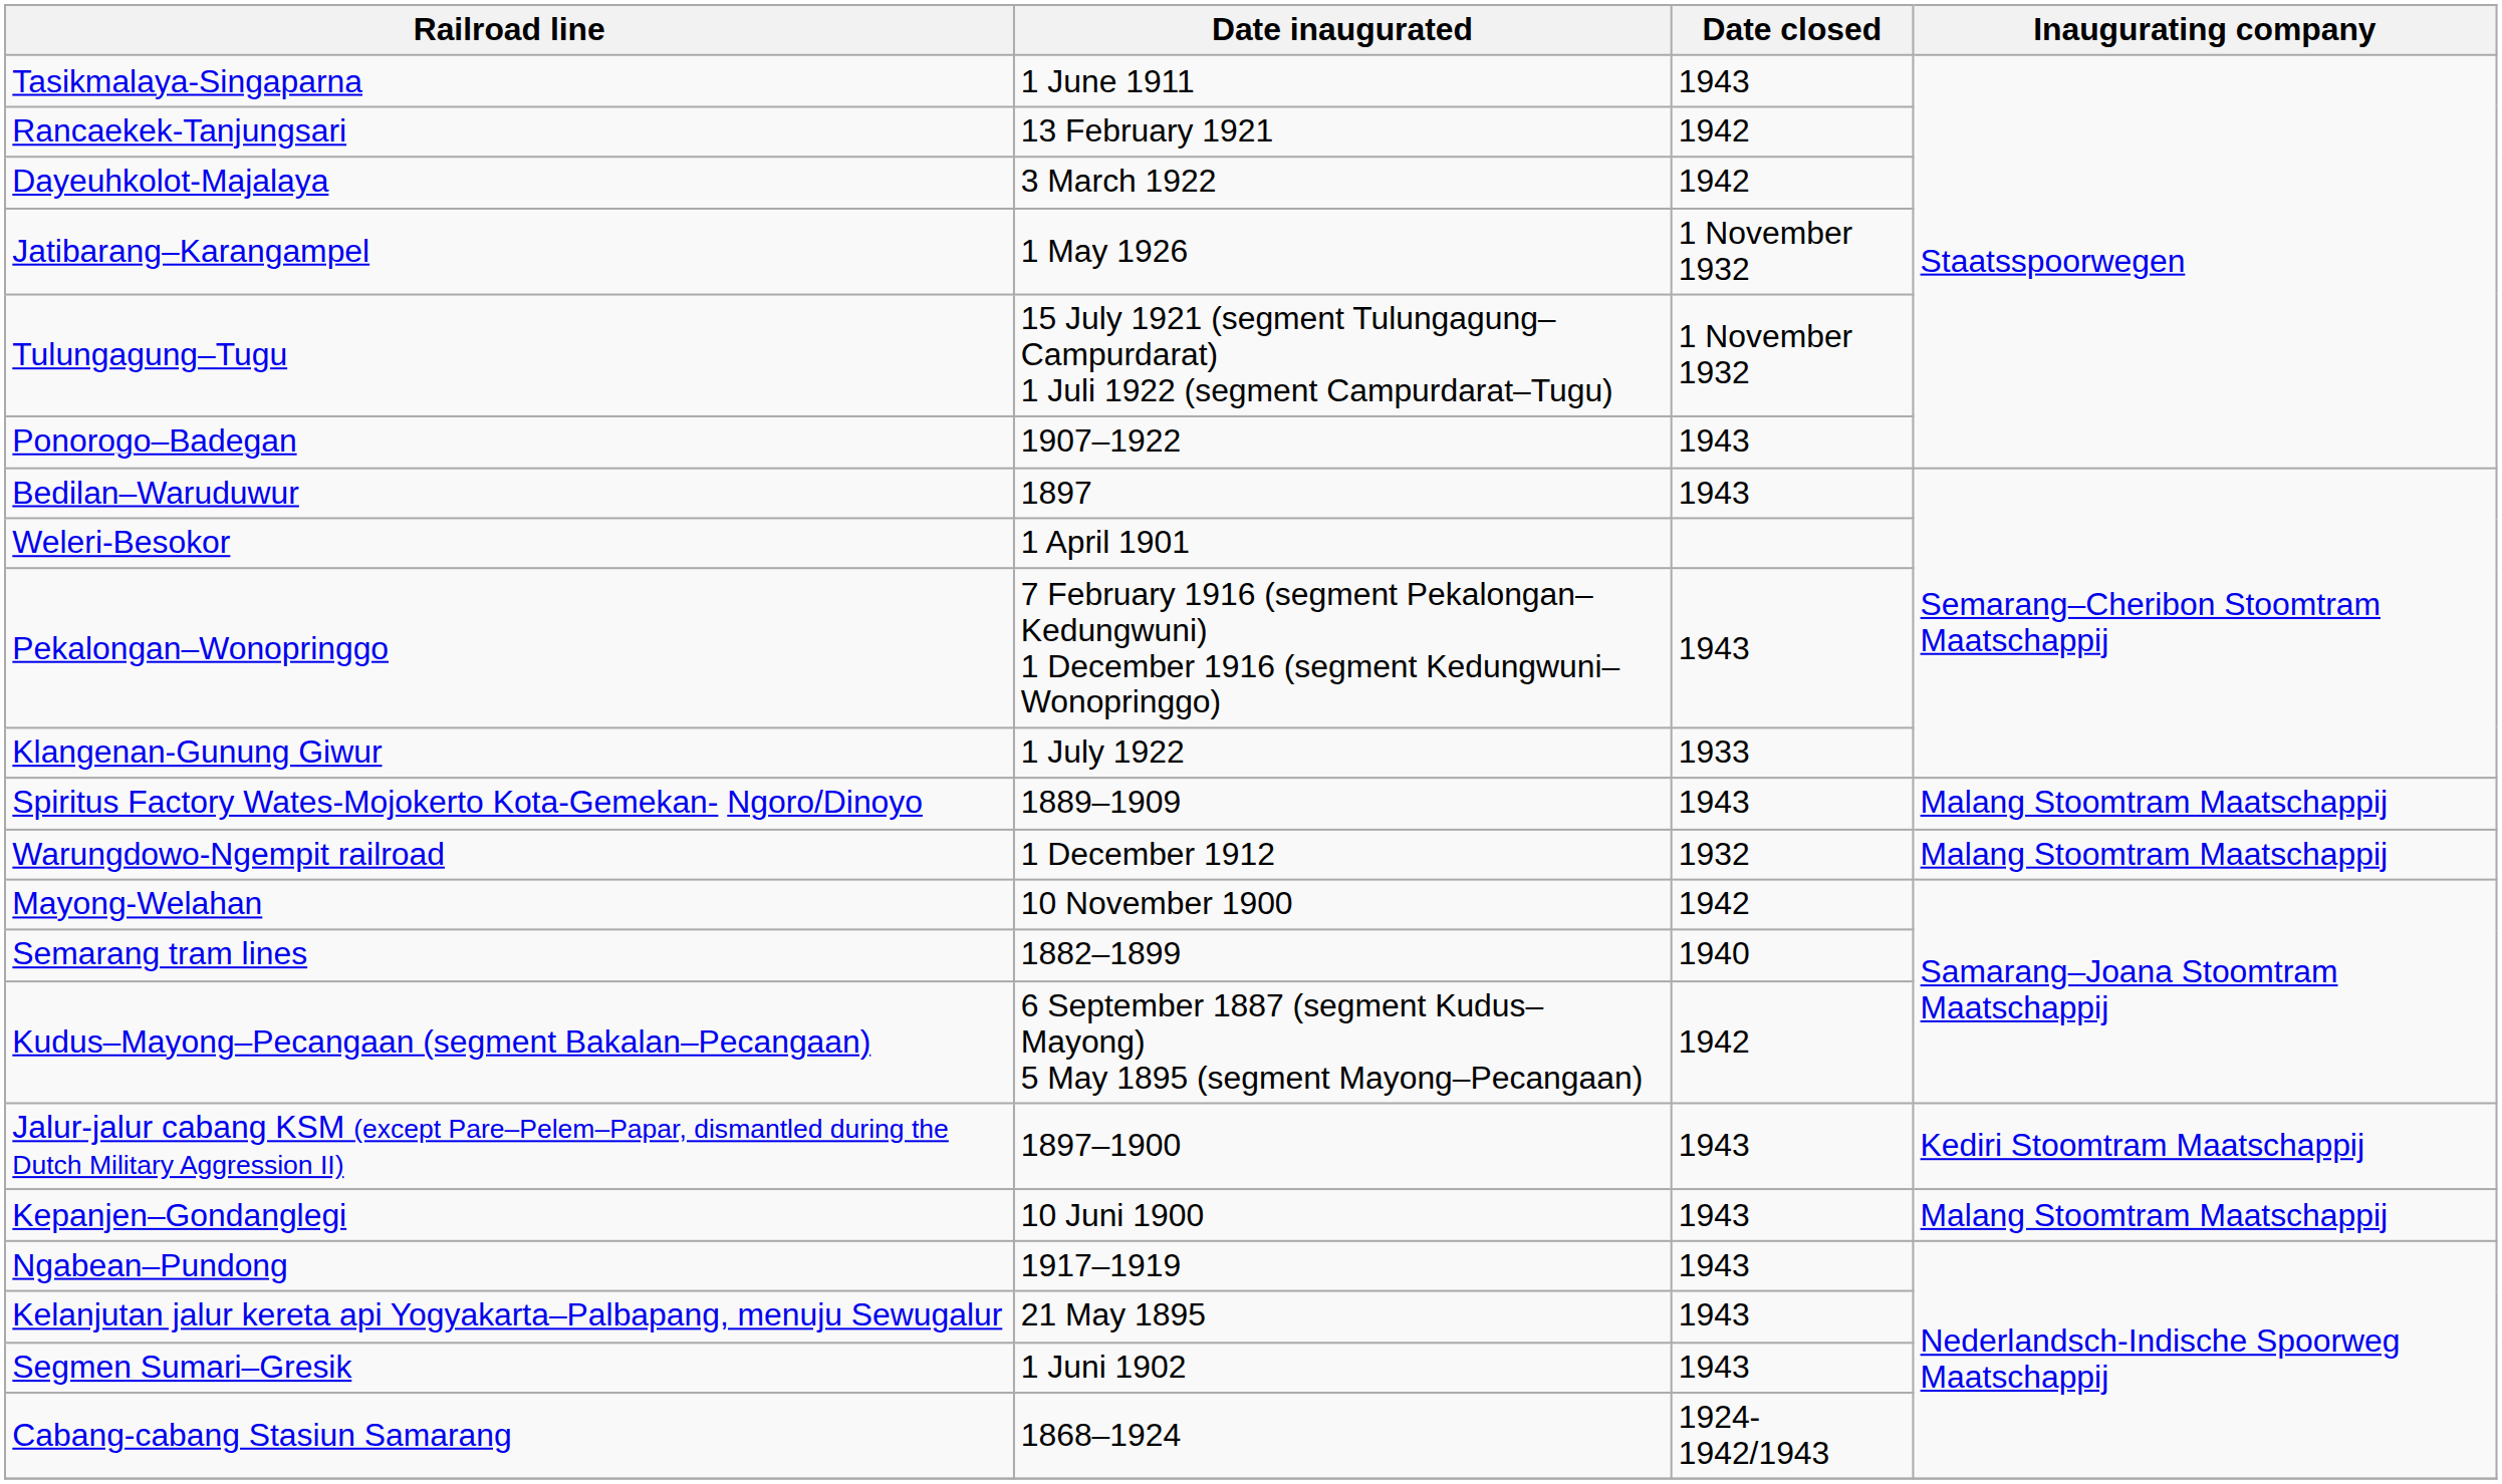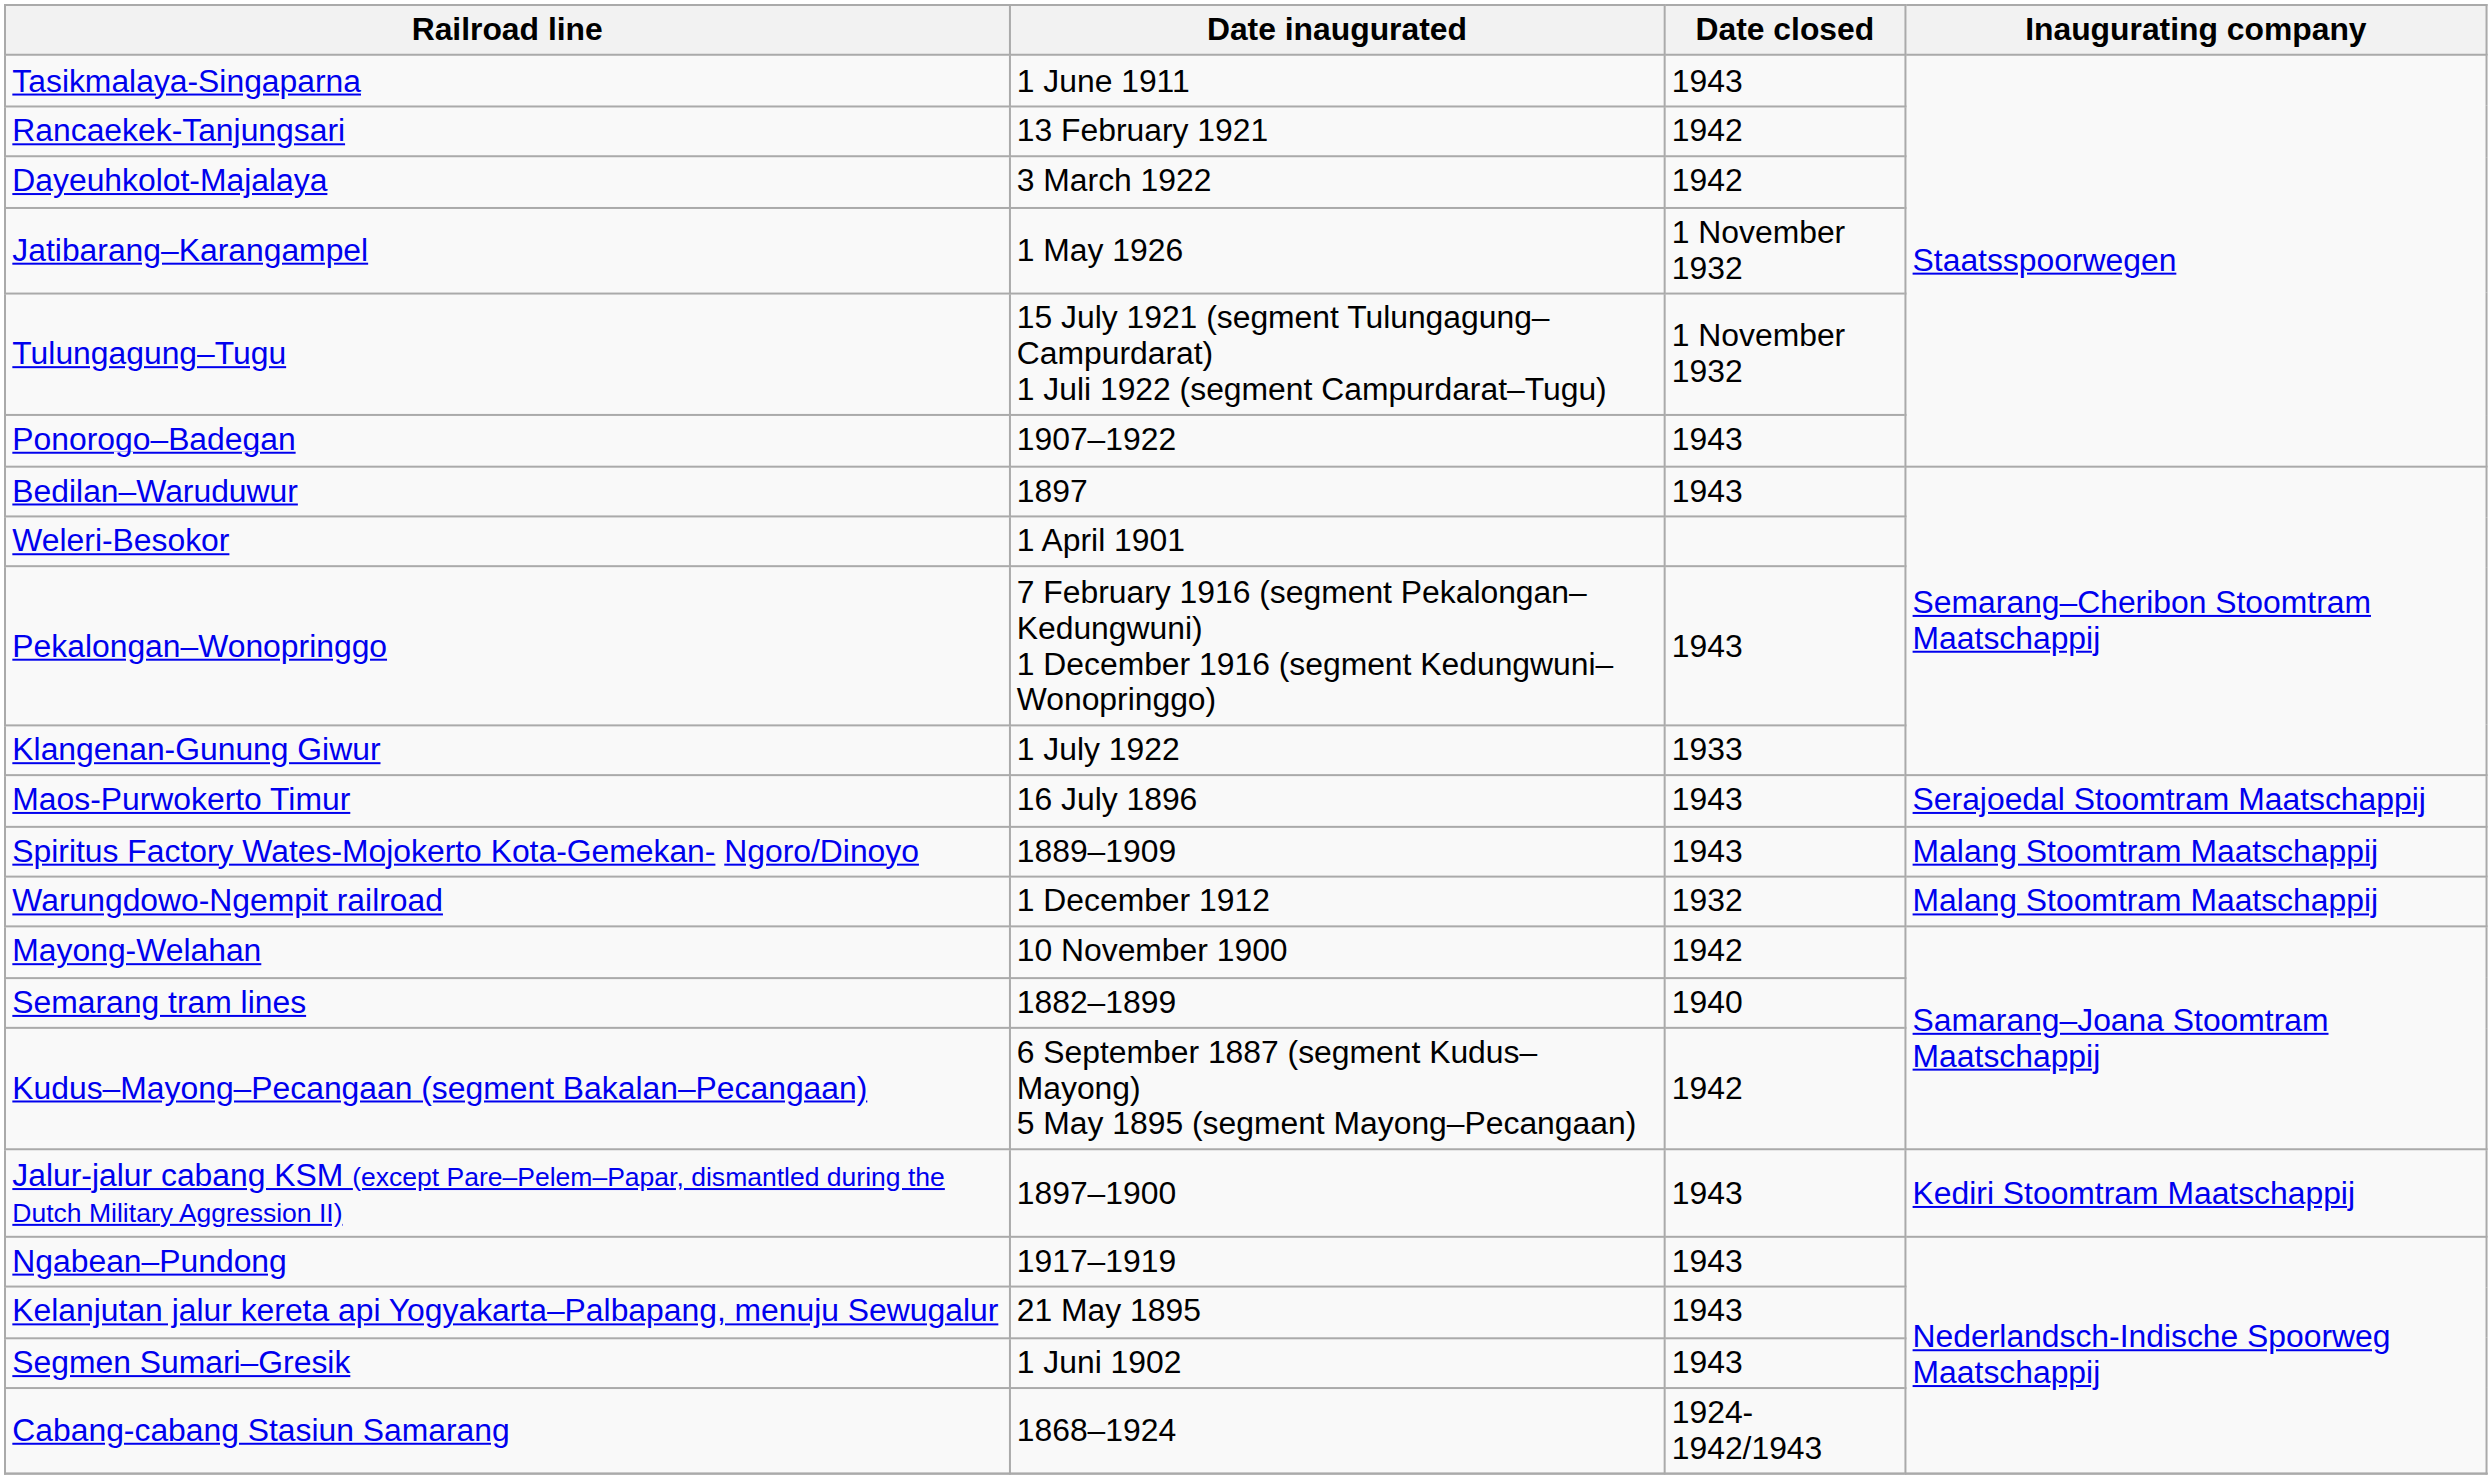 <table class="wikitable">
 <tr>
 <th>Railroad line</th>
 <th>Date inaugurated</th>
 <th>Date closed</th>
 <th>Inaugurating company</th>
 </tr>
 <tr>
 <td><a href='#'>Tasikmalaya-Singaparna</a></td>
 <td>1 June 1911</td>
 <td>1943</td>
 <td rowspan="6"><a href='#'>Staatsspoorwegen</a></td>
 </tr>
 <tr>
 <td><a href='#'>Rancaekek-Tanjungsari</a></td>
 <td>13 February 1921</td>
 <td>1942</td>
 </tr>
 <tr>
 <td><a href='#'>Dayeuhkolot-Majalaya</a></td>
 <td>3 March 1922</td>
 <td>1942</td>
 </tr>
 <tr>
 <td><a href='#'>Jatibarang–Karangampel</a></td>
 <td>1 May 1926</td>
 <td>1 November 1932</td>
 </tr>
 <tr>
 <td><a href='#'>Tulungagung–Tugu</a></td>
 <td>15 July 1921 (segment Tulungagung–Campurdarat)<br>1 Juli 1922 (segment Campurdarat–Tugu)</td>
 <td>1 November 1932</td>
 </tr>
 <tr>
 <td><a href='#'>Ponorogo–Badegan</a></td>
 <td>1907–1922</td>
 <td>1943</td>
 </tr>
 <tr>
 <td><a href='#'>Bedilan–Waruduwur</a></td>
 <td>1897</td>
 <td>1943</td>
 <td rowspan="4"><a href='#'>Semarang–Cheribon Stoomtram Maatschappij</a></td>
 </tr>
 <tr>
 <td><a href='#'>Weleri-Besokor</a></td>
 <td>1 April 1901</td>
 <td></td>
 </tr>
 <tr>
 <td><a href='#'>Pekalongan–Wonopringgo</a></td>
 <td>7 February 1916 (segment Pekalongan–Kedungwuni)<br>1 December 1916 (segment Kedungwuni–Wonopringgo)</td>
 <td>1943</td>
 </tr>
 <tr>
 <td><a href='#'>Klangenan-Gunung Giwur</a></td>
 <td>1 July 1922</td>
 <td>1933</td>
 </tr>
 <tr>
+<td><a href='#'>Maos-Purwokerto Timur</a></td>
+<td>16 July 1896</td>
+<td>1943</td>
+<td><a href='#'>Serajoedal Stoomtram Maatschappij</a></td>
+</tr>
+<tr>
 <td><a href='#'>Spiritus Factory Wates-Mojokerto Kota-Gemekan-</a> <a href='#'>Ngoro/Dinoyo</a></td>
 <td>1889–1909</td>
 <td>1943</td>
 <td><a href='#'>Malang Stoomtram Maatschappij</a></td>
 </tr>
 <tr>
 <td><a href='#'>Warungdowo-Ngempit railroad</a></td>
 <td>1 December 1912</td>
 <td>1932</td>
 <td><a href='#'>Malang Stoomtram Maatschappij</a></td>
 </tr>
 <tr>
 <td><a href='#'>Mayong-Welahan</a></td>
 <td>10 November 1900</td>
 <td>1942</td>
 <td rowspan="3"><a href='#'>Samarang–Joana Stoomtram Maatschappij</a></td>
 </tr>
 <tr>
 <td><a href='#'>Semarang tram lines</a></td>
 <td>1882–1899</td>
 <td>1940</td>
 </tr>
 <tr>
 <td><a href='#'>Kudus–Mayong–Pecangaan (segment Bakalan–Pecangaan)</a></td>
 <td>6 September 1887 (segment Kudus–Mayong)<br>5 May 1895 (segment Mayong–Pecangaan)</td>
 <td>1942</td>
 </tr>
 <tr>
 <td><a href='#'>Jalur-jalur cabang KSM <small>(except Pare–Pelem–Papar, dismantled during the Dutch Military Aggression II)</small></a></td>
 <td>1897–1900</td>
 <td>1943</td>
 <td><a href='#'>Kediri Stoomtram Maatschappij</a></td>
 </tr>
 <tr>
-<td><a href='#'>Kepanjen–Gondanglegi</a></td>
-<td>10 Juni 1900</td>
-<td>1943</td>
-<td><a href='#'>Malang Stoomtram Maatschappij</a></td>
-</tr>
-<tr>
 <td><a href='#'>Ngabean–Pundong</a></td>
 <td>1917–1919</td>
 <td>1943</td>
 <td rowspan="4"><a href='#'>Nederlandsch-Indische Spoorweg Maatschappij</a></td>
 </tr>
 <tr>
 <td><a href='#'>Kelanjutan jalur kereta api Yogyakarta–Palbapang, menuju Sewugalur</a></td>
 <td>21 May 1895</td>
 <td>1943</td>
 </tr>
 <tr>
 <td><a href='#'>Segmen Sumari–Gresik</a></td>
 <td>1 Juni 1902</td>
 <td>1943</td>
 </tr>
 <tr>
 <td><a href='#'>Cabang-cabang Stasiun Samarang</a></td>
 <td>1868–1924</td>
 <td>1924-1942/1943</td>
 </tr>
 <tr>
 </tr>
 </table>
